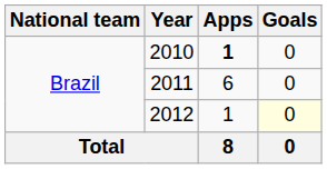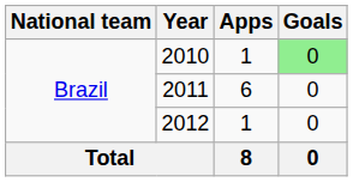 <table class="wikitable" style="text-align:center">
 <tr>
 <th>National team</th>
 <th>Year</th>
 <th>Apps</th>
 <th>Goals</th>
 </tr>
 <tr>
 <td rowspan="3"><a href='#'>Brazil</a></td>
 <td>2010</td>
-<td><strong>1</strong></td>
-<td>0</td>
+<td>1</td>
+<td style="background: lightgreen;">0</td>
 </tr>
 <tr>
 <td>2011</td>
 <td>6</td>
 <td>0</td>
 </tr>
 <tr>
 <td>2012</td>
 <td>1</td>
-<td style="background: lightyellow;">0</td>
+<td>0</td>
 </tr>
 <tr>
 <th colspan="2">Total</th>
 <th>8</th>
 <th>0</th>
 </tr>
 </table>
